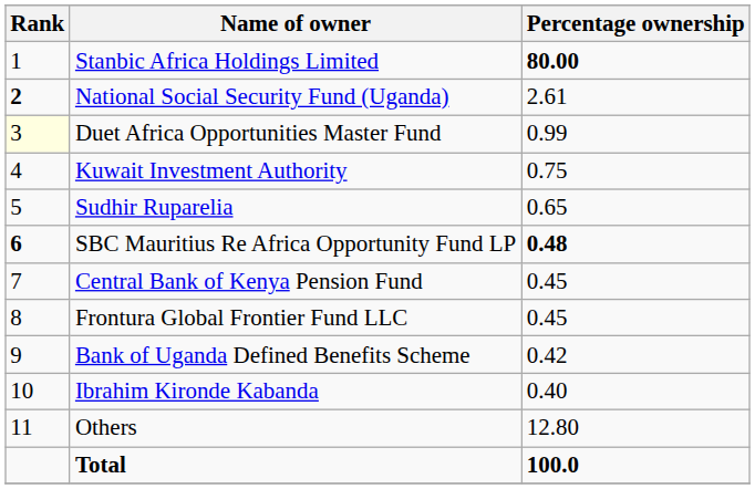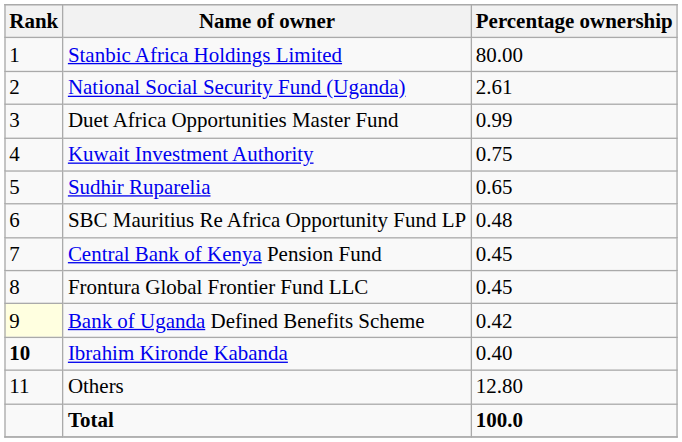 <table class="wikitable sortable" style="margin-left:auto;margin-right:auto">
 <tr>
 </tr>
 <tr>
 <th style="width:2em;">Rank</th>
 <th>Name of owner</th>
 <th>Percentage ownership</th>
 </tr>
 <tr>
 <td>1</td>
 <td><a href='#'>Stanbic Africa Holdings Limited</a></td>
-<td><strong>80.00</strong></td>
+<td>80.00</td>
 </tr>
 <tr>
-<td><strong>2</strong></td>
+<td>2</td>
 <td><a href='#'>National Social Security Fund (Uganda)</a></td>
 <td>2.61</td>
 </tr>
 <tr>
-<td style="background: lightyellow;">3</td>
+<td>3</td>
 <td>Duet Africa Opportunities Master Fund</td>
 <td>0.99</td>
 </tr>
 <tr>
 <td>4</td>
 <td><a href='#'>Kuwait Investment Authority</a></td>
 <td>0.75</td>
 </tr>
 <tr>
 <td>5</td>
 <td><a href='#'>Sudhir Ruparelia</a></td>
 <td>0.65</td>
 </tr>
 <tr>
-<td><strong>6</strong></td>
+<td>6</td>
 <td>SBC Mauritius Re Africa Opportunity Fund LP</td>
-<td><strong>0.48</strong></td>
+<td>0.48</td>
 </tr>
 <tr>
 <td>7</td>
 <td><a href='#'>Central Bank of Kenya</a> Pension Fund</td>
 <td>0.45</td>
 </tr>
 <tr>
 <td>8</td>
 <td>Frontura Global Frontier Fund LLC</td>
 <td>0.45</td>
 </tr>
 <tr>
-<td>9</td>
+<td style="background: lightyellow;">9</td>
 <td><a href='#'>Bank of Uganda</a> Defined Benefits Scheme</td>
 <td>0.42</td>
 </tr>
 <tr>
-<td>10</td>
+<td><strong>10</strong></td>
 <td><a href='#'>Ibrahim Kironde Kabanda</a></td>
 <td>0.40</td>
 </tr>
 <tr>
 <td>11</td>
 <td>Others</td>
 <td>12.80</td>
 </tr>
 <tr>
 <td></td>
 <td><strong>Total</strong></td>
 <td><strong>100.0</strong></td>
 </tr>
 <tr>
 </tr>
 </table>
